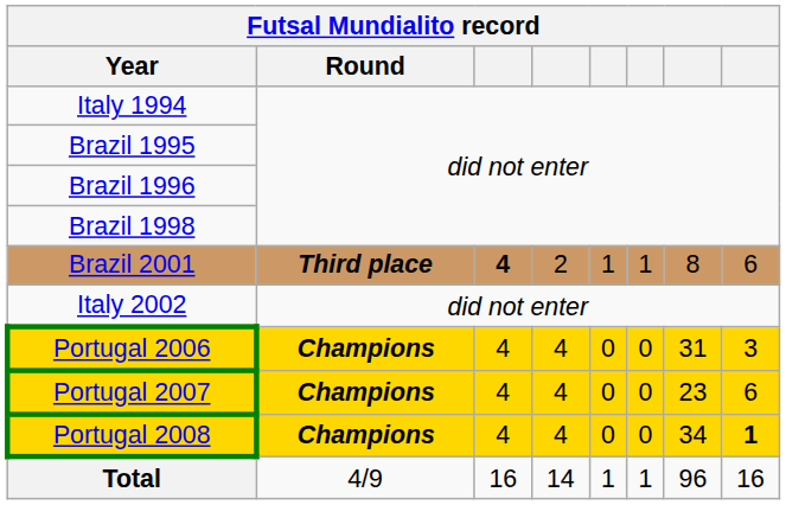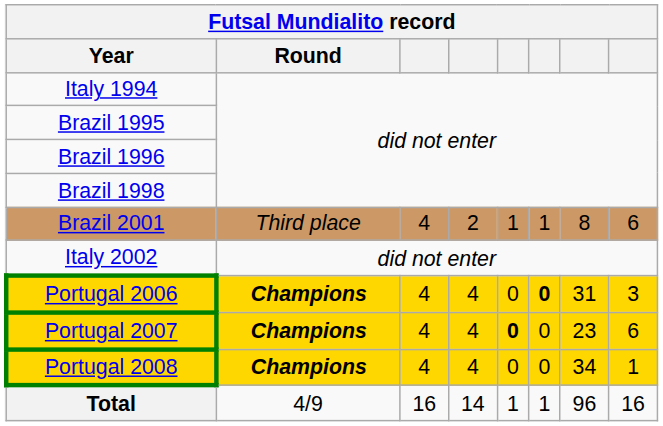 <table class="wikitable" width=50% style="text-align: center;font-size:90%;">
 <tr>
 <th colspan=9><a href='#'>Futsal Mundialito</a> record</th>
 </tr>
 <tr>
 <th>Year</th>
 <th>Round</th>
 <th></th>
 <th></th>
 <th></th>
 <th></th>
 <th></th>
 <th></th>
 </tr>
 <tr>
 <td><a href='#'>Italy 1994</a></td>
 <td rowspan=4 colspan=8><em>did not enter</em></td>
 </tr>
 <tr>
 <td><a href='#'>Brazil 1995</a></td>
 </tr>
 <tr>
 <td><a href='#'>Brazil 1996</a></td>
 </tr>
 <tr>
 <td><a href='#'>Brazil 1998</a></td>
 </tr>
 <tr bgcolor="#cc9966">
 <td><a href='#'>Brazil 2001</a></td>
-<td><strong><em>Third place</em></strong></td>
-<td><strong>4</strong></td>
+<td><em>Third place</em></td>
+<td>4</td>
 <td>2</td>
 <td>1</td>
 <td>1</td>
 <td>8</td>
 <td>6</td>
 </tr>
 <tr>
 <td><a href='#'>Italy 2002</a></td>
 <td colspan=8><em>did not enter</em></td>
 </tr>
 <tr bgcolor=gold>
 <td style="border: 3px solid green"><a href='#'>Portugal 2006</a></td>
 <td><strong><em>Champions</em></strong></td>
 <td>4</td>
 <td>4</td>
 <td>0</td>
-<td>0</td>
+<td><strong>0</strong></td>
 <td>31</td>
 <td>3</td>
 </tr>
 <tr bgcolor=gold>
 <td style="border: 3px solid green"><a href='#'>Portugal 2007</a></td>
 <td><strong><em>Champions</em></strong></td>
 <td>4</td>
 <td>4</td>
-<td>0</td>
+<td><strong>0</strong></td>
 <td>0</td>
 <td>23</td>
 <td>6</td>
 </tr>
 <tr bgcolor=gold>
 <td style="border: 3px solid green"><a href='#'>Portugal 2008</a></td>
 <td><strong><em>Champions</em></strong></td>
 <td>4</td>
 <td>4</td>
 <td>0</td>
 <td>0</td>
 <td>34</td>
-<td><strong>1</strong></td>
+<td>1</td>
 </tr>
 <tr>
 <th><strong>Total</strong></th>
 <td>4/9</td>
 <td>16</td>
 <td>14</td>
 <td>1</td>
 <td>1</td>
 <td>96</td>
 <td>16</td>
 </tr>
 </table>
